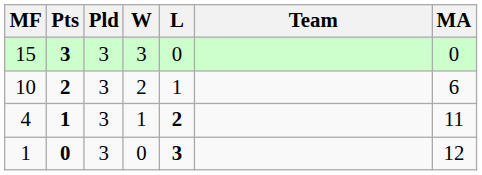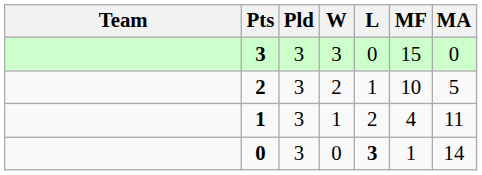 <table class=wikitable style="text-align:center">
 <tr>
-<th width=20>MF</th>
+<th width=175>Team</th>
 <th width=20>Pts</th>
 <th width=20>Pld</th>
 <th width=20>W</th>
 <th width=20>L</th>
-<th width=175>Team</th>
+<th width=20>MF</th>
 <th width=20>MA</th>
 </tr>
 <tr bgcolor=#ccffcc>
-<td>15</td>
+<td style="text-align:left"></td>
 <td><strong>3</strong></td>
 <td>3</td>
 <td>3</td>
 <td>0</td>
-<td style="text-align:left"></td>
+<td>15</td>
 <td>0</td>
 </tr>
 <tr>
-<td>10</td>
+<td style="text-align:left"></td>
 <td><strong>2</strong></td>
 <td>3</td>
 <td>2</td>
 <td>1</td>
-<td style="text-align:left"></td>
-<td>6</td>
+<td>10</td>
+<td>5</td>
 </tr>
 <tr>
-<td>4</td>
+<td style="text-align:left"></td>
 <td><strong>1</strong></td>
 <td>3</td>
 <td>1</td>
-<td><strong>2</strong></td>
-<td style="text-align:left"></td>
+<td>2</td>
+<td>4</td>
 <td>11</td>
 </tr>
 <tr>
-<td>1</td>
+<td style="text-align:left"></td>
 <td><strong>0</strong></td>
 <td>3</td>
 <td>0</td>
 <td><strong>3</strong></td>
-<td style="text-align:left"></td>
-<td>12</td>
+<td>1</td>
+<td>14</td>
 </tr>
 </table>
